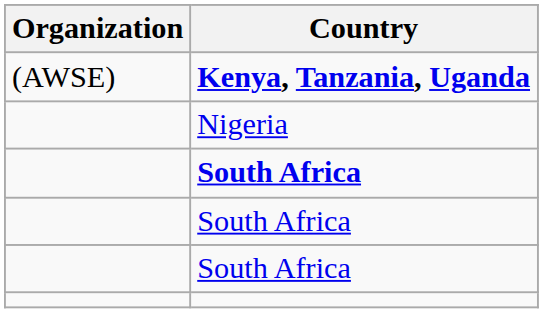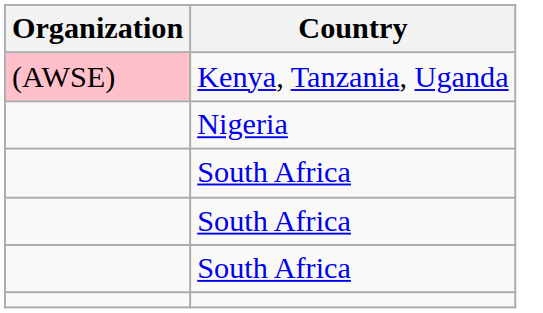 <table class="wikitable sortable">
 <tr>
 <th>Organization</th>
 <th>Country</th>
 </tr>
 <tr>
-<td> (AWSE)</td>
-<td><strong><a href='#'>Kenya</a>, <a href='#'>Tanzania</a>, <a href='#'>Uganda</a></strong></td>
+<td style="background: pink;"> (AWSE)</td>
+<td><a href='#'>Kenya</a>, <a href='#'>Tanzania</a>, <a href='#'>Uganda</a></td>
 </tr>
 <tr>
 <td> </td>
 <td><a href='#'>Nigeria</a></td>
 </tr>
 <tr>
 <td></td>
-<td><strong><a href='#'>South Africa</a></strong></td>
+<td><a href='#'>South Africa</a></td>
 </tr>
 <tr>
 <td></td>
 <td><a href='#'>South Africa</a></td>
 </tr>
 <tr>
 <td></td>
 <td><a href='#'>South Africa</a></td>
 </tr>
 <tr>
 <td></td>
 <td></td>
 </tr>
 </table>
